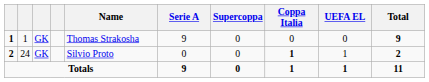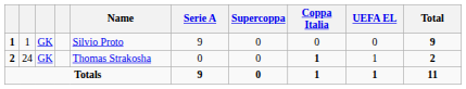 <table class="wikitable" style="text-align:center">
 <tr>
 <th width=15></th>
 <th width=15></th>
 <th width=15></th>
 <th width=15></th>
 <th width=145>Name</th>
 <th width=80><a href='#'>Serie A</a></th>
 <th width=80><a href='#'>Supercoppa</a></th>
 <th width=80><a href='#'>Coppa Italia</a></th>
 <th width=80><a href='#'>UEFA EL</a></th>
 <th width=80>Total</th>
 </tr>
 <tr>
 <td><strong>1</strong></td>
 <td>1</td>
 <td><a href='#'>GK</a></td>
 <td></td>
-<td align=left><a href='#'>Thomas Strakosha</a></td>
+<td align=left><a href='#'>Silvio Proto</a></td>
 <td>9</td>
 <td>0</td>
 <td>0</td>
 <td>0</td>
 <td><strong>9</strong></td>
 </tr>
 <tr>
 <td><strong>2</strong></td>
 <td>24</td>
 <td><a href='#'>GK</a></td>
 <td></td>
-<td align=left><a href='#'>Silvio Proto</a></td>
+<td align=left><a href='#'>Thomas Strakosha</a></td>
 <td>0</td>
 <td>0</td>
 <td><strong>1</strong></td>
 <td>1</td>
 <td><strong>2</strong></td>
 </tr>
 <tr>
 <td colspan=5><strong>Totals</strong></td>
 <td><strong>9</strong></td>
 <td><strong>0</strong></td>
 <td><strong>1</strong></td>
 <td><strong>1</strong></td>
 <td><strong>11</strong></td>
 </tr>
 </table>
